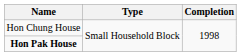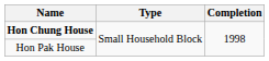 <table class="wikitable" style="text-align: center">
 <tr>
 <th>Name</th>
 <th>Type</th>
 <th>Completion</th>
 </tr>
 <tr>
-<td>Hon Chung House</td>
+<td><strong>Hon Chung House</strong></td>
 <td rowspan="2">Small Household Block</td>
 <td rowspan="2">1998</td>
 </tr>
 <tr>
-<td><strong>Hon Pak House</strong></td>
+<td>Hon Pak House</td>
 </tr>
 </table>
